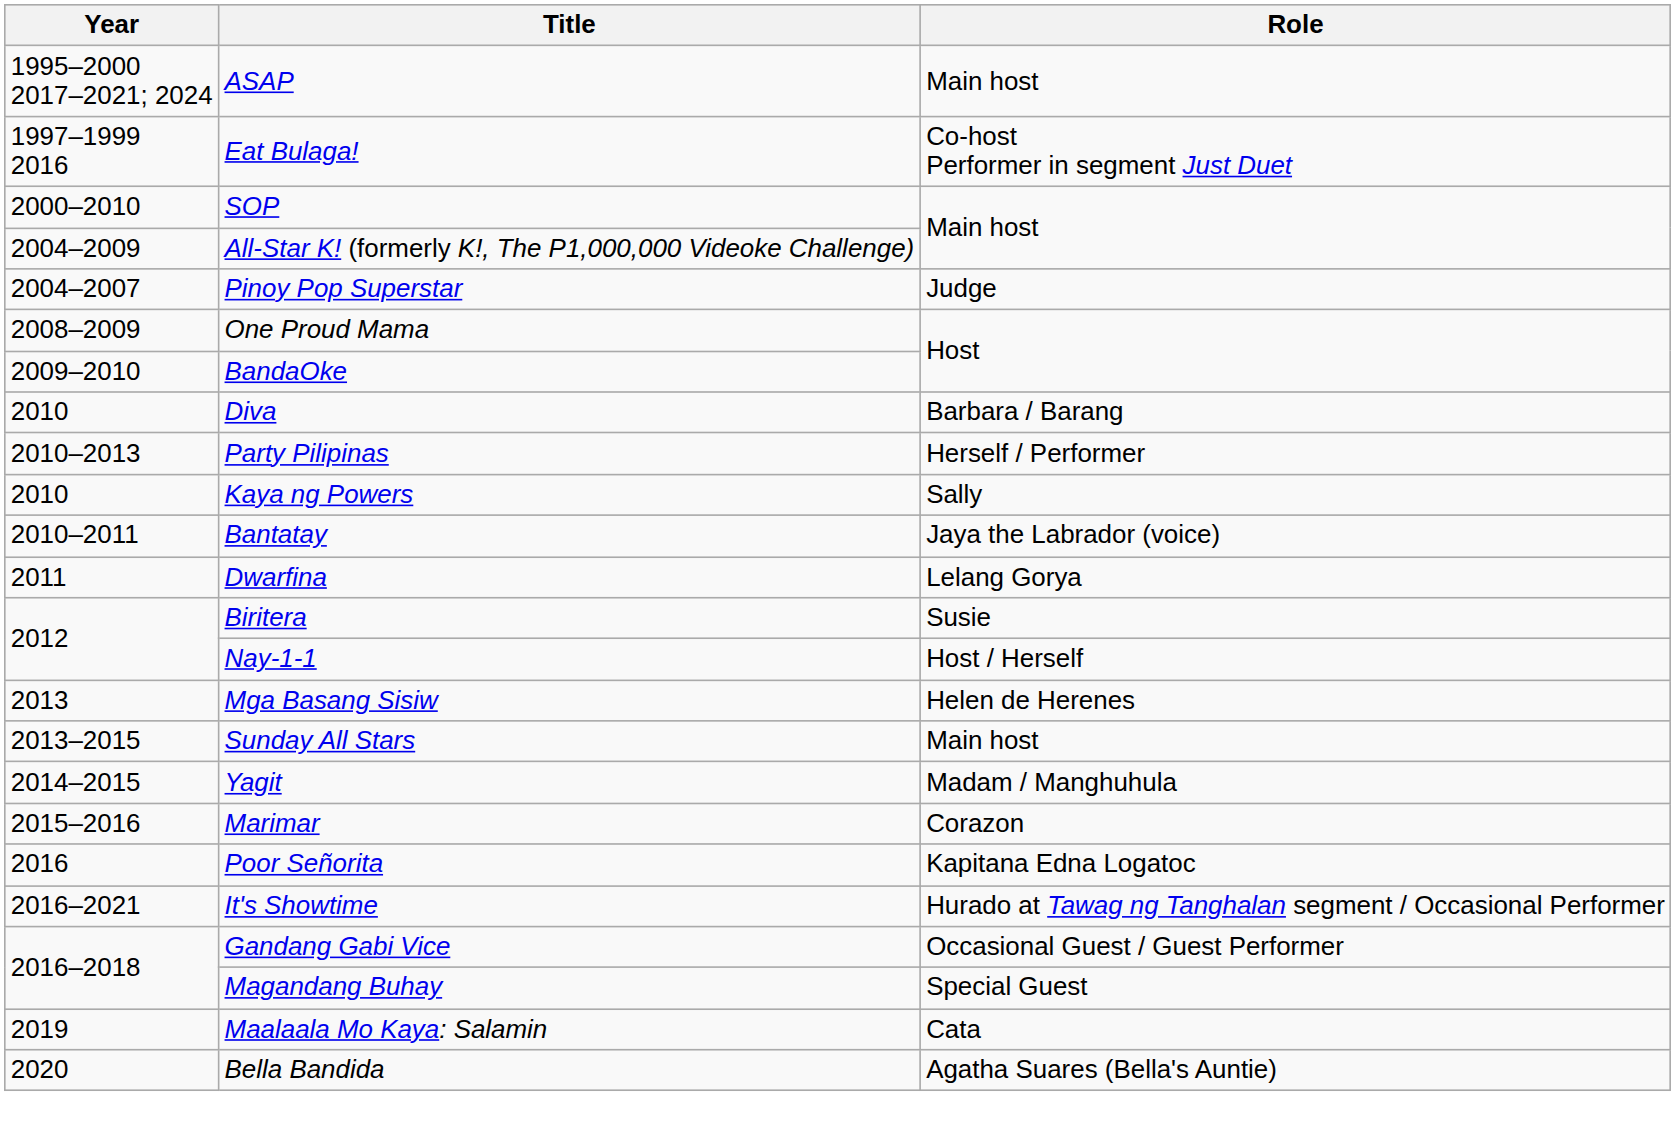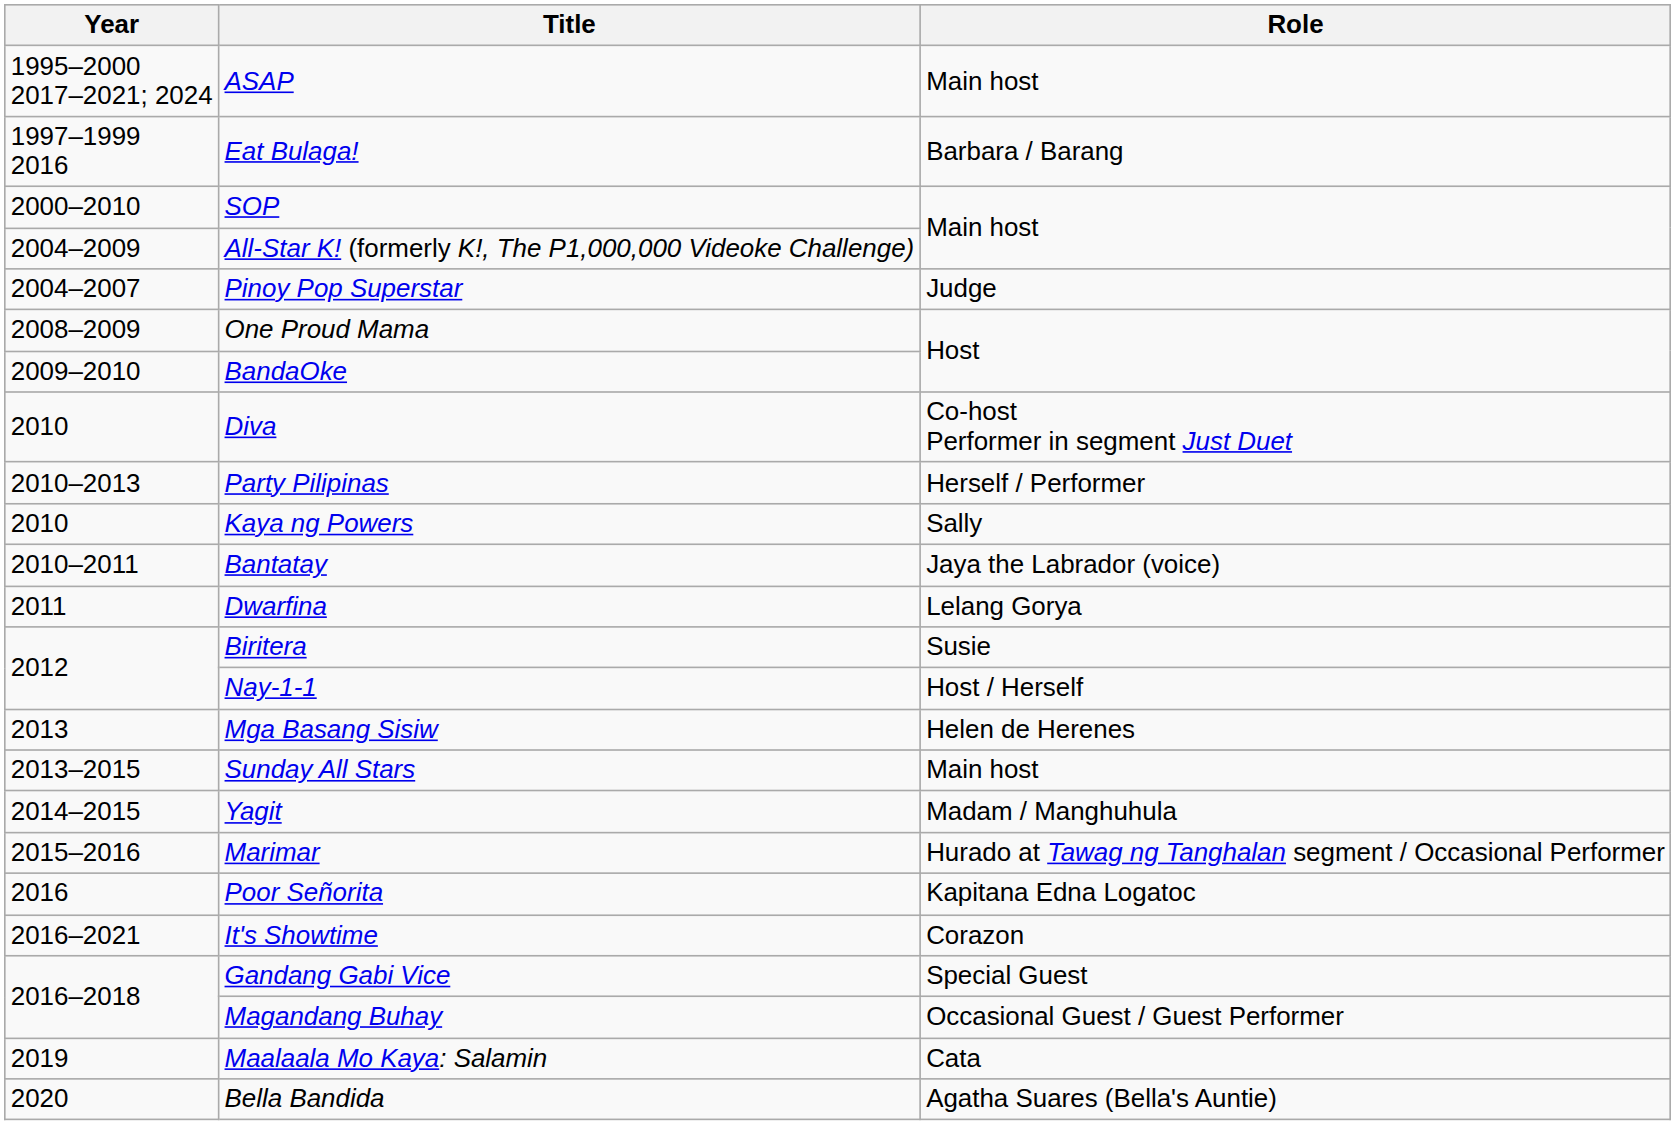 <table class="wikitable">
 <tr>
 <th>Year</th>
 <th>Title</th>
 <th>Role</th>
 </tr>
 <tr>
 <td>1995–2000 <br> 2017–2021; 2024</td>
 <td><em><a href='#'>ASAP</a></em></td>
 <td>Main host</td>
 </tr>
 <tr>
 <td>1997–1999 <br> 2016</td>
 <td><em><a href='#'>Eat Bulaga!</a></em></td>
-<td>Co-host <br> Performer in segment <em><a href='#'>Just Duet</a></em></td>
+<td>Barbara / Barang</td>
 </tr>
 <tr>
 <td>2000–2010</td>
 <td><em><a href='#'>SOP</a></em></td>
 <td rowspan="2">Main host</td>
 </tr>
 <tr>
 <td>2004–2009</td>
 <td><em><a href='#'>All-Star K!</a></em> (formerly <em>K!, The P1,000,000 Videoke Challenge)</em></td>
 </tr>
 <tr>
 <td>2004–2007</td>
 <td><em><a href='#'>Pinoy Pop Superstar</a></em></td>
 <td>Judge</td>
 </tr>
 <tr>
 <td>2008–2009</td>
 <td><em>One Proud Mama</em></td>
 <td rowspan="2">Host</td>
 </tr>
 <tr>
 <td>2009–2010</td>
 <td><em><a href='#'>BandaOke</a></em></td>
 </tr>
 <tr>
 <td>2010</td>
 <td><em><a href='#'>Diva</a></em></td>
-<td>Barbara / Barang</td>
+<td>Co-host <br> Performer in segment <em><a href='#'>Just Duet</a></em></td>
 </tr>
 <tr>
 <td>2010–2013</td>
 <td><em><a href='#'>Party Pilipinas</a></em></td>
 <td>Herself / Performer</td>
 </tr>
 <tr>
 <td>2010</td>
 <td><em><a href='#'>Kaya ng Powers</a></em></td>
 <td>Sally</td>
 </tr>
 <tr>
 <td>2010–2011</td>
 <td><em><a href='#'>Bantatay</a></em></td>
 <td>Jaya the Labrador (voice)</td>
 </tr>
 <tr>
 <td>2011</td>
 <td><em><a href='#'>Dwarfina</a></em></td>
 <td>Lelang Gorya</td>
 </tr>
 <tr>
 <td rowspan="2">2012</td>
 <td><em><a href='#'>Biritera</a></em></td>
 <td>Susie</td>
 </tr>
 <tr>
 <td><em><a href='#'>Nay-1-1</a></em></td>
 <td>Host / Herself</td>
 </tr>
 <tr>
 <td>2013</td>
 <td><em><a href='#'>Mga Basang Sisiw</a></em></td>
 <td>Helen de Herenes</td>
 </tr>
 <tr>
 <td>2013–2015</td>
 <td><em><a href='#'>Sunday All Stars</a></em></td>
 <td>Main host</td>
 </tr>
 <tr>
 <td>2014–2015</td>
 <td><em><a href='#'>Yagit</a></em></td>
 <td>Madam / Manghuhula</td>
 </tr>
 <tr>
 <td>2015–2016</td>
 <td><em><a href='#'>Marimar</a></em></td>
-<td>Corazon</td>
+<td>Hurado at <em><a href='#'>Tawag ng Tanghalan</a></em> segment / Occasional Performer</td>
 </tr>
 <tr>
 <td>2016</td>
 <td><em><a href='#'>Poor Señorita</a></em></td>
 <td>Kapitana Edna Logatoc</td>
 </tr>
 <tr>
 <td>2016–2021</td>
 <td><em><a href='#'>It's Showtime</a></em></td>
-<td>Hurado at <em><a href='#'>Tawag ng Tanghalan</a></em> segment / Occasional Performer</td>
+<td>Corazon</td>
 </tr>
 <tr>
 <td rowspan="2">2016–2018</td>
 <td><em><a href='#'>Gandang Gabi Vice</a></em></td>
-<td>Occasional Guest / Guest Performer</td>
+<td>Special Guest</td>
 </tr>
 <tr>
 <td><em><a href='#'>Magandang Buhay</a></em></td>
-<td>Special Guest</td>
+<td>Occasional Guest / Guest Performer</td>
 </tr>
 <tr>
 <td>2019</td>
 <td><em><a href='#'>Maalaala Mo Kaya</a>: Salamin</em></td>
 <td>Cata</td>
 </tr>
 <tr>
 <td>2020</td>
 <td><em>Bella Bandida</em></td>
 <td>Agatha Suares (Bella's Auntie)</td>
 </tr>
 </table>
